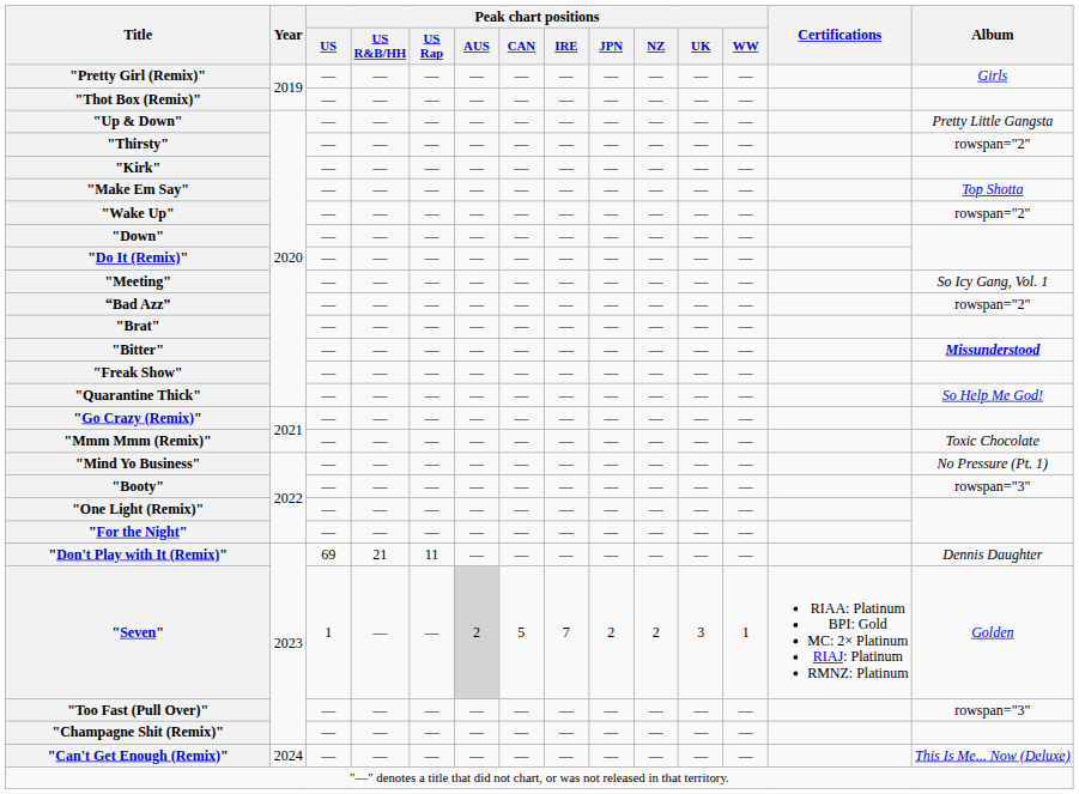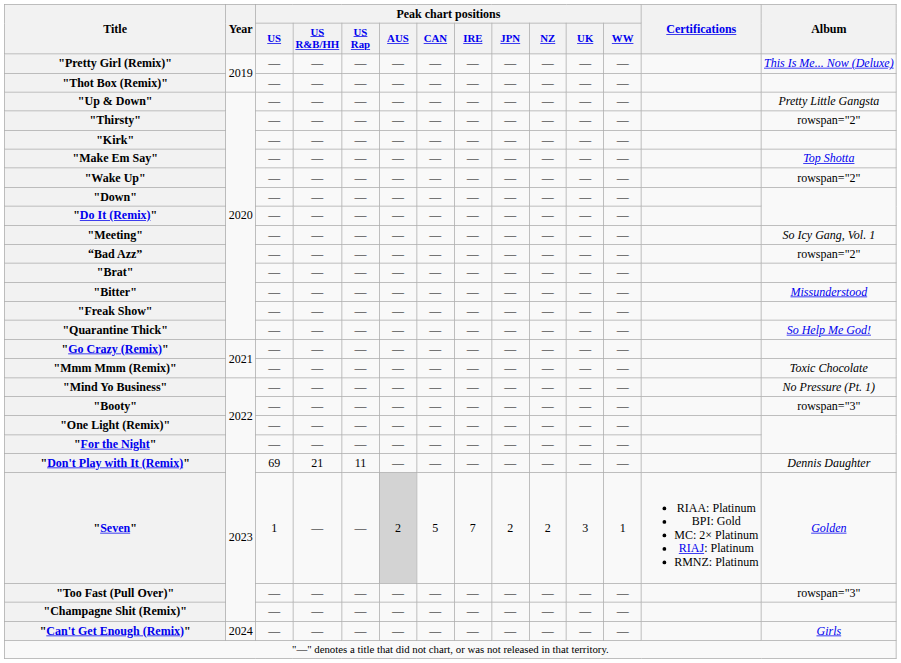 <table class="wikitable plainrowheaders" style="text-align:center;">
 <tr>
 <th scope="col" rowspan="2" style="width:18em;">Title</th>
 <th scope="col" rowspan="2">Year</th>
 <th scope="col" colspan="10">Peak chart positions</th>
 <th scope="col" rowspan="2"><a href='#'>Certifications</a></th>
 <th scope="col" rowspan="2">Album</th>
 </tr>
 <tr>
 <th scope="col" style="width:3em;font-size:90%;"><a href='#'>US</a><br></th>
 <th scope="col" style="width:3em;font-size:90%;"><a href='#'>US<br>R&B/HH</a><br></th>
 <th scope="col" style="width:3em;font-size:90%;"><a href='#'>US<br>Rap</a><br></th>
 <th scope="col" style="width:3em;font-size:90%;"><a href='#'>AUS</a><br></th>
 <th scope="col" style="width:3em;font-size:90%;"><a href='#'>CAN</a><br></th>
 <th scope="col" style="width:3em;font-size:90%;"><a href='#'>IRE</a><br></th>
 <th scope="col" style="width:3em;font-size:90%;"><a href='#'>JPN</a><br></th>
 <th scope="col" style="width:3em;font-size:90%;"><a href='#'>NZ</a><br></th>
 <th scope="col" style="width:3em;font-size:90%;"><a href='#'>UK</a><br></th>
 <th scope="col" style="width:3em;font-size:90%;"><a href='#'>WW</a><br></th>
 </tr>
 <tr>
 <th scope="row">"Pretty Girl (Remix)"<br></th>
 <td rowspan="2">2019</td>
 <td>—</td>
 <td>—</td>
 <td>—</td>
 <td>—</td>
 <td>—</td>
 <td>—</td>
 <td>—</td>
 <td>—</td>
 <td>—</td>
 <td>—</td>
 <td></td>
-<td><em><a href='#'>Girls</a></em></td>
+<td><em><a href='#'>This Is Me... Now (Deluxe)</a></em></td>
 </tr>
 <tr>
 <th scope="row">"Thot Box (Remix)"<br></th>
 <td>—</td>
 <td>—</td>
 <td>—</td>
 <td>—</td>
 <td>—</td>
 <td>—</td>
 <td>—</td>
 <td>—</td>
 <td>—</td>
 <td>—</td>
 <td></td>
 <td></td>
 </tr>
 <tr>
 <th scope="row">"Up & Down"<br></th>
 <td rowspan="13">2020</td>
 <td>—</td>
 <td>—</td>
 <td>—</td>
 <td>—</td>
 <td>—</td>
 <td>—</td>
 <td>—</td>
 <td>—</td>
 <td>—</td>
 <td>—</td>
 <td></td>
 <td><em>Pretty Little Gangsta</em></td>
 </tr>
 <tr>
 <th scope="row">"Thirsty"<br></th>
 <td>—</td>
 <td>—</td>
 <td>—</td>
 <td>—</td>
 <td>—</td>
 <td>—</td>
 <td>—</td>
 <td>—</td>
 <td>—</td>
 <td>—</td>
 <td></td>
 <td>rowspan="2" </td>
 </tr>
 <tr>
 <th scope="row">"Kirk"<br></th>
 <td>—</td>
 <td>—</td>
 <td>—</td>
 <td>—</td>
 <td>—</td>
 <td>—</td>
 <td>—</td>
 <td>—</td>
 <td>—</td>
 <td>—</td>
 <td></td>
 </tr>
 <tr>
 <th scope="row">"Make Em Say"<br></th>
 <td>—</td>
 <td>—</td>
 <td>—</td>
 <td>—</td>
 <td>—</td>
 <td>—</td>
 <td>—</td>
 <td>—</td>
 <td>—</td>
 <td>—</td>
 <td></td>
 <td><em><a href='#'>Top Shotta</a></em></td>
 </tr>
 <tr>
 <th scope="row">"Wake Up"<br></th>
 <td>—</td>
 <td>—</td>
 <td>—</td>
 <td>—</td>
 <td>—</td>
 <td>—</td>
 <td>—</td>
 <td>—</td>
 <td>—</td>
 <td>—</td>
 <td></td>
 <td>rowspan="2" </td>
 </tr>
 <tr>
 <th scope="row">"Down"<br></th>
 <td>—</td>
 <td>—</td>
 <td>—</td>
 <td>—</td>
 <td>—</td>
 <td>—</td>
 <td>—</td>
 <td>—</td>
 <td>—</td>
 <td>—</td>
 <td></td>
 </tr>
 <tr>
 <th scope="row">"<a href='#'>Do It (Remix)</a>"<br></th>
 <td>—</td>
 <td>—</td>
 <td>—</td>
 <td>—</td>
 <td>—</td>
 <td>—</td>
 <td>—</td>
 <td>—</td>
 <td>—</td>
 <td>—</td>
 <td></td>
 </tr>
 <tr>
 <th scope="row">"Meeting"<br></th>
 <td>—</td>
 <td>—</td>
 <td>—</td>
 <td>—</td>
 <td>—</td>
 <td>—</td>
 <td>—</td>
 <td>—</td>
 <td>—</td>
 <td>—</td>
 <td></td>
 <td><em>So Icy Gang, Vol. 1</em></td>
 </tr>
 <tr>
 <th scope="row">“Bad Azz”<br></th>
 <td>—</td>
 <td>—</td>
 <td>—</td>
 <td>—</td>
 <td>—</td>
 <td>—</td>
 <td>—</td>
 <td>—</td>
 <td>—</td>
 <td>—</td>
 <td></td>
 <td>rowspan="2" </td>
 </tr>
 <tr>
 <th scope="row">"Brat"<br></th>
 <td>—</td>
 <td>—</td>
 <td>—</td>
 <td>—</td>
 <td>—</td>
 <td>—</td>
 <td>—</td>
 <td>—</td>
 <td>—</td>
 <td>—</td>
 <td></td>
 </tr>
 <tr>
 <th scope="row">"Bitter"<br></th>
 <td>—</td>
 <td>—</td>
 <td>—</td>
 <td>—</td>
 <td>—</td>
 <td>—</td>
 <td>—</td>
 <td>—</td>
 <td>—</td>
 <td>—</td>
 <td></td>
-<td><strong><em><a href='#'>Missunderstood</a></em></strong></td>
+<td><em><a href='#'>Missunderstood</a></em></td>
 </tr>
 <tr>
 <th scope="row">"Freak Show"<br></th>
 <td>—</td>
 <td>—</td>
 <td>—</td>
 <td>—</td>
 <td>—</td>
 <td>—</td>
 <td>—</td>
 <td>—</td>
 <td>—</td>
 <td>—</td>
 <td></td>
 <td></td>
 </tr>
 <tr>
 <th scope="row">"Quarantine Thick"<br></th>
 <td>—</td>
 <td>—</td>
 <td>—</td>
 <td>—</td>
 <td>—</td>
 <td>—</td>
 <td>—</td>
 <td>—</td>
 <td>—</td>
 <td>—</td>
 <td></td>
 <td><em><a href='#'>So Help Me God!</a></em></td>
 </tr>
 <tr>
 <th scope="row">"<a href='#'>Go Crazy (Remix)</a>"<br></th>
 <td rowspan="2">2021</td>
 <td>—</td>
 <td>—</td>
 <td>—</td>
 <td>—</td>
 <td>—</td>
 <td>—</td>
 <td>—</td>
 <td>—</td>
 <td>—</td>
 <td>—</td>
 <td></td>
 <td></td>
 </tr>
 <tr>
 <th scope="row">"Mmm Mmm (Remix)"<br></th>
 <td>—</td>
 <td>—</td>
 <td>—</td>
 <td>—</td>
 <td>—</td>
 <td>—</td>
 <td>—</td>
 <td>—</td>
 <td>—</td>
 <td>—</td>
 <td></td>
 <td><em>Toxic Chocolate</em></td>
 </tr>
 <tr>
 <th scope="row">"Mind Yo Business"<br></th>
 <td rowspan="4">2022</td>
 <td>—</td>
 <td>—</td>
 <td>—</td>
 <td>—</td>
 <td>—</td>
 <td>—</td>
 <td>—</td>
 <td>—</td>
 <td>—</td>
 <td>—</td>
 <td></td>
 <td><em>No Pressure (Pt. 1)</em></td>
 </tr>
 <tr>
 <th scope="row">"Booty"<br></th>
 <td>—</td>
 <td>—</td>
 <td>—</td>
 <td>—</td>
 <td>—</td>
 <td>—</td>
 <td>—</td>
 <td>—</td>
 <td>—</td>
 <td>—</td>
 <td></td>
 <td>rowspan="3" </td>
 </tr>
 <tr>
 <th scope="row">"One Light (Remix)"<br></th>
 <td>—</td>
 <td>—</td>
 <td>—</td>
 <td>—</td>
 <td>—</td>
 <td>—</td>
 <td>—</td>
 <td>—</td>
 <td>—</td>
 <td>—</td>
 <td></td>
 </tr>
 <tr>
 <th scope="row">"<a href='#'>For the Night</a>"<br></th>
 <td>—</td>
 <td>—</td>
 <td>—</td>
 <td>—</td>
 <td>—</td>
 <td>—</td>
 <td>—</td>
 <td>—</td>
 <td>—</td>
 <td>—</td>
 <td></td>
 </tr>
 <tr>
 <th scope="row">"<a href='#'>Don't Play with It (Remix)</a>"<br></th>
 <td rowspan="4">2023</td>
 <td>69</td>
 <td>21</td>
 <td>11</td>
 <td>—</td>
 <td>—</td>
 <td>—</td>
 <td>—</td>
 <td>—</td>
 <td>—</td>
 <td>—</td>
 <td></td>
 <td><em>Dennis Daughter</em></td>
 </tr>
 <tr>
 <th scope="row">"<a href='#'>Seven</a>"<br></th>
 <td>1</td>
 <td>—</td>
 <td>—</td>
 <td style="background: lightgrey;">2</td>
 <td>5</td>
 <td>7</td>
 <td>2</td>
 <td>2</td>
 <td>3</td>
 <td>1</td>
 <td><br><ul><li>RIAA: Platinum</li><li>BPI: Gold</li><li>MC: 2× Platinum</li><li><a href='#'>RIAJ</a>: Platinum</li><li>RMNZ: Platinum</li></ul></td>
 <td><em><a href='#'>Golden</a></em></td>
 </tr>
 <tr>
 <th scope="row">"Too Fast (Pull Over)"<br></th>
 <td>—</td>
 <td>—</td>
 <td>—</td>
 <td>—</td>
 <td>—</td>
 <td>—</td>
 <td>—</td>
 <td>—</td>
 <td>—</td>
 <td>—</td>
 <td></td>
 <td>rowspan="3" </td>
 </tr>
 <tr>
 <th scope="row">"Champagne Shit (Remix)"<br></th>
 <td>—</td>
 <td>—</td>
 <td>—</td>
 <td>—</td>
 <td>—</td>
 <td>—</td>
 <td>—</td>
 <td>—</td>
 <td>—</td>
 <td>—</td>
 <td></td>
 </tr>
 <tr>
 <th scope="row">"<a href='#'>Can't Get Enough (Remix)</a>"<br></th>
 <td>2024</td>
 <td>—</td>
 <td>—</td>
 <td>—</td>
 <td>—</td>
 <td>—</td>
 <td>—</td>
 <td>—</td>
 <td>—</td>
 <td>—</td>
 <td>—</td>
 <td></td>
-<td><em><a href='#'>This Is Me... Now (Deluxe)</a></em></td>
+<td><em><a href='#'>Girls</a></em></td>
 </tr>
 <tr>
 <td colspan="14" style="font-size:90%">"—" denotes a title that did not chart, or was not released in that territory.</td>
 </tr>
 </table>
